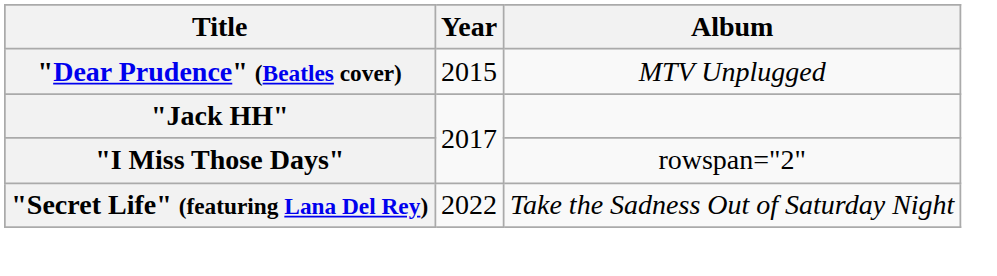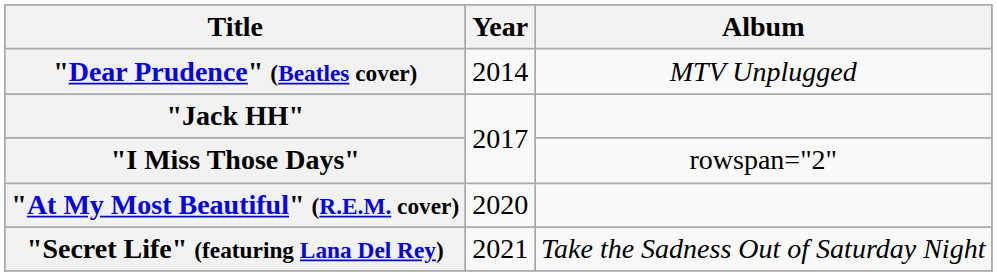 <table class="wikitable plainrowheaders" style="text-align:center;" border="1">
 <tr>
 <th scope="col">Title</th>
 <th scope="col">Year</th>
 <th scope="col">Album</th>
 </tr>
 <tr>
 <th scope="row">"<a href='#'>Dear Prudence</a>" <small>(<a href='#'>Beatles</a> cover)</small></th>
-<td>2015</td>
+<td>2014</td>
 <td><em>MTV Unplugged</em></td>
 </tr>
 <tr>
 <th scope="row">"Jack HH"</th>
 <td rowspan="2">2017</td>
 </tr>
 <tr>
 <th scope="row">"I Miss Those Days"</th>
 <td>rowspan="2" </td>
 </tr>
 <tr>
+<th scope="row">"<a href='#'>At My Most Beautiful</a>" <small>(<a href='#'>R.E.M.</a> cover)</small></th>
+<td>2020</td>
+<td></td>
+</tr>
+<tr>
 <th scope="row">"Secret Life" <small>(featuring <a href='#'>Lana Del Rey</a>)</small></th>
-<td>2022</td>
+<td>2021</td>
 <td><em>Take the Sadness Out of Saturday Night</em></td>
 </tr>
 </table>
